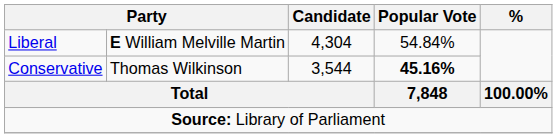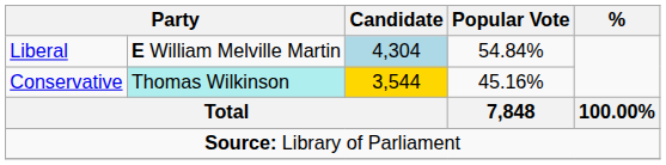 <table class="wikitable">
 <tr>
 <th colspan="2">Party</th>
 <th>Candidate</th>
 <th>Popular Vote</th>
 <th>%</th>
 </tr>
 <tr>
 <td><a href='#'>Liberal</a></td>
 <td><strong>E</strong> William Melville Martin</td>
-<td align=center>4,304</td>
+<td align=center style="background: lightblue;">4,304</td>
 <td align=center>54.84%</td>
 </tr>
 <tr>
 <td><a href='#'>Conservative</a></td>
-<td>Thomas Wilkinson</td>
-<td align=center>3,544</td>
-<td align=center><strong>45.16%</strong></td>
+<td style="background: paleturquoise;">Thomas Wilkinson</td>
+<td align=center style="background: gold;">3,544</td>
+<td align=center>45.16%</td>
 </tr>
 <tr>
 <th colspan=3 align=center>Total</th>
 <th align=right>7,848</th>
 <th align=right>100.00%</th>
 </tr>
 <tr>
 <td align="center" colspan=5><strong>Source:</strong>  Library of Parliament</td>
 </tr>
 <tr>
 </tr>
 </table>
